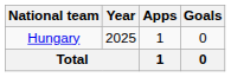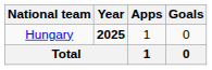 <table class=wikitable style="text-align: center">
 <tr>
 <th>National team</th>
 <th>Year</th>
 <th>Apps</th>
 <th>Goals</th>
 </tr>
 <tr>
 <td rowspan="1"><a href='#'>Hungary</a></td>
-<td>2025</td>
+<td><strong>2025</strong></td>
 <td>1</td>
 <td>0</td>
 </tr>
 <tr>
 <th colspan="2">Total</th>
 <th>1</th>
 <th>0</th>
 </tr>
 </table>
